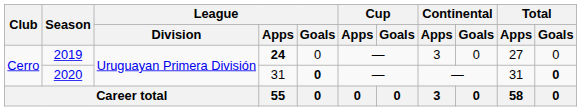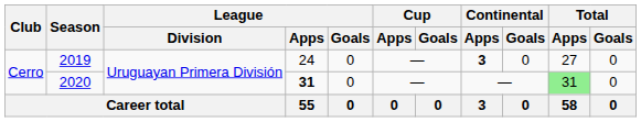 <table class="wikitable" Style="text-align: center">
 <tr>
 <th rowspan="2">Club</th>
 <th rowspan="2">Season</th>
 <th colspan="3">League</th>
 <th colspan="2">Cup</th>
 <th colspan="2">Continental</th>
 <th colspan="2">Total</th>
 </tr>
 <tr>
 <th>Division</th>
 <th>Apps</th>
 <th>Goals</th>
 <th>Apps</th>
 <th>Goals</th>
 <th>Apps</th>
 <th>Goals</th>
 <th>Apps</th>
 <th>Goals</th>
 </tr>
 <tr>
 <td rowspan="2"><a href='#'>Cerro</a></td>
 <td><a href='#'>2019</a></td>
 <td rowspan="2"><a href='#'>Uruguayan Primera División</a></td>
-<td><strong>24</strong></td>
+<td>24</td>
 <td>0</td>
 <td colspan="2">—</td>
-<td>3</td>
+<td><strong>3</strong></td>
 <td>0</td>
 <td>27</td>
 <td>0</td>
 </tr>
 <tr>
 <td><a href='#'>2020</a></td>
-<td>31</td>
-<td><strong>0</strong></td>
+<td><strong>31</strong></td>
+<td>0</td>
 <td colspan="2">—</td>
 <td colspan="2">—</td>
-<td>31</td>
-<td><strong>0</strong></td>
+<td style="background: lightgreen;">31</td>
+<td>0</td>
 </tr>
 <tr>
 <th colspan="3">Career total</th>
 <th>55</th>
 <th>0</th>
 <th>0</th>
 <th>0</th>
 <th>3</th>
 <th>0</th>
 <th>58</th>
 <th>0</th>
 </tr>
 </table>
